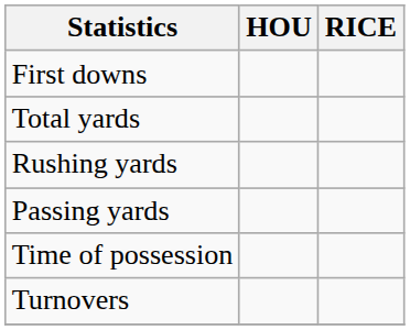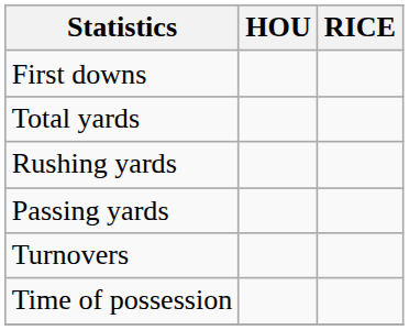 <table class="wikitable">
 <tr>
 <th>Statistics</th>
 <th>HOU</th>
 <th>RICE</th>
 </tr>
 <tr>
 <td>First downs</td>
 <td></td>
 <td></td>
 </tr>
 <tr>
 <td>Total yards</td>
 <td></td>
 <td></td>
 </tr>
 <tr>
 <td>Rushing yards</td>
 <td></td>
 <td></td>
 </tr>
 <tr>
 <td>Passing yards</td>
 <td></td>
 <td></td>
 </tr>
 <tr>
-<td>Time of possession</td>
+<td>Turnovers</td>
 <td></td>
 <td></td>
 </tr>
 <tr>
-<td>Turnovers</td>
+<td>Time of possession</td>
 <td></td>
 <td></td>
 </tr>
 <tr>
 </tr>
 </table>
